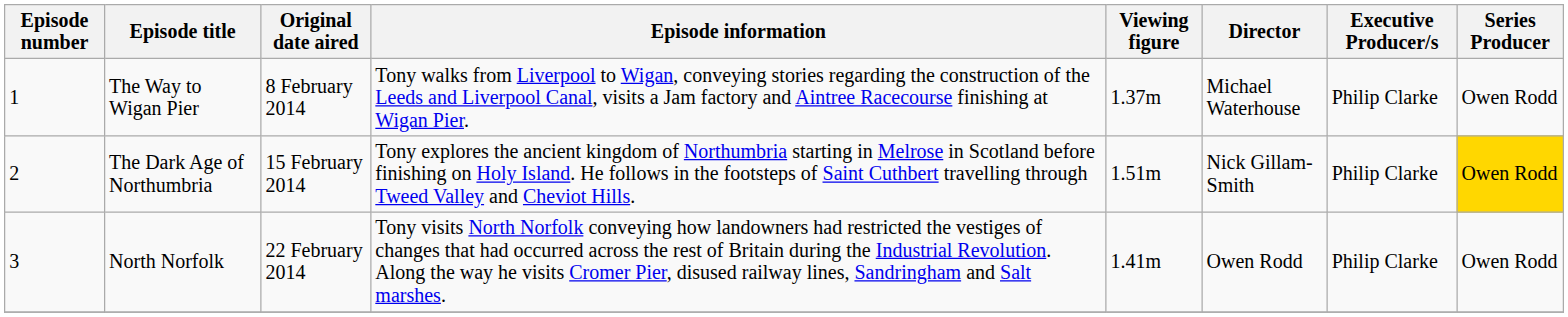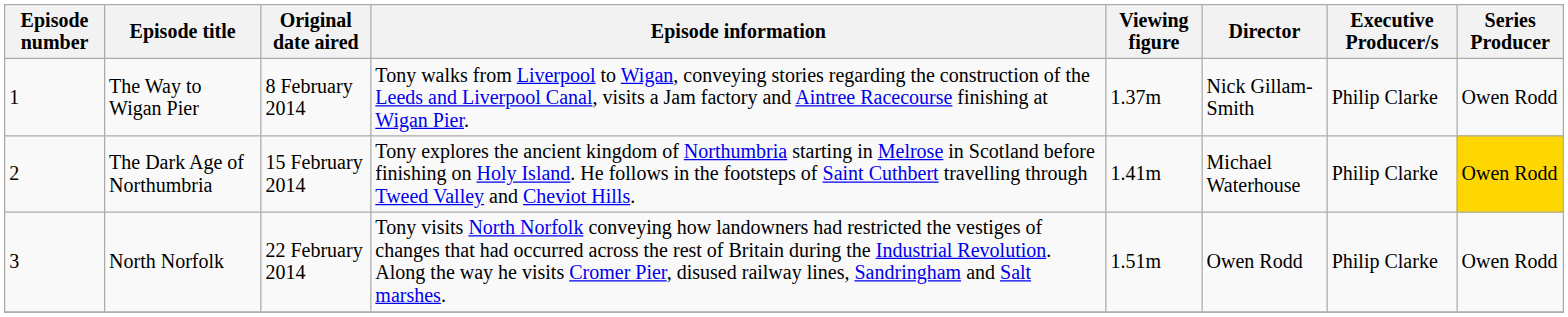 <table class="wikitable sortable">
 <tr>
 <th>Episode number</th>
 <th>Episode title</th>
 <th>Original date aired</th>
 <th>Episode information</th>
 <th>Viewing figure</th>
 <th>Director</th>
 <th>Executive Producer/s</th>
 <th>Series Producer</th>
 </tr>
 <tr>
 <td>1</td>
 <td>The Way to Wigan Pier</td>
 <td>8 February 2014</td>
 <td>Tony walks from <a href='#'>Liverpool</a> to <a href='#'>Wigan</a>, conveying stories regarding the construction of the <a href='#'>Leeds and Liverpool Canal</a>, visits a Jam factory and <a href='#'>Aintree Racecourse</a> finishing at <a href='#'>Wigan Pier</a>.</td>
 <td>1.37m</td>
-<td>Michael Waterhouse</td>
+<td>Nick Gillam-Smith</td>
 <td>Philip Clarke</td>
 <td>Owen Rodd</td>
 </tr>
 <tr>
 <td>2</td>
 <td>The Dark Age of Northumbria</td>
 <td>15 February 2014</td>
 <td>Tony explores the ancient kingdom of <a href='#'>Northumbria</a> starting in <a href='#'>Melrose</a> in Scotland before finishing on <a href='#'>Holy Island</a>. He follows in the footsteps of <a href='#'>Saint Cuthbert</a> travelling through <a href='#'>Tweed Valley</a> and <a href='#'>Cheviot Hills</a>.</td>
-<td>1.51m</td>
-<td>Nick Gillam-Smith</td>
+<td>1.41m</td>
+<td>Michael Waterhouse</td>
 <td>Philip Clarke</td>
 <td style="background: gold;">Owen Rodd</td>
 </tr>
 <tr>
 <td>3</td>
 <td>North Norfolk</td>
 <td>22 February 2014</td>
 <td>Tony visits <a href='#'>North Norfolk</a> conveying how landowners had restricted the vestiges of changes that had occurred across the rest of Britain during the <a href='#'>Industrial Revolution</a>. Along the way he visits <a href='#'>Cromer Pier</a>, disused railway lines, <a href='#'>Sandringham</a> and <a href='#'>Salt marshes</a>.</td>
-<td>1.41m</td>
+<td>1.51m</td>
 <td>Owen Rodd</td>
 <td>Philip Clarke</td>
 <td>Owen Rodd</td>
 </tr>
 <tr>
 </tr>
 </table>
